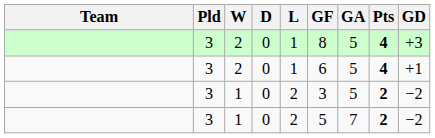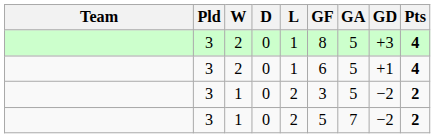 <table class="wikitable" style="text-align:center;">
 <tr>
 <th width=180>Team</th>
 <th width=20>Pld</th>
 <th width=20>W</th>
 <th width=20>D</th>
 <th width=20>L</th>
 <th width=20>GF</th>
 <th width=20>GA</th>
+<th width=20>GD</th>
 <th width=20>Pts</th>
-<th width=20>GD</th>
 </tr>
 <tr bgcolor="ccffcc">
 <td align="left"></td>
 <td>3</td>
 <td>2</td>
 <td>0</td>
 <td>1</td>
 <td>8</td>
 <td>5</td>
+<td>+3</td>
 <td><strong>4</strong></td>
-<td>+3</td>
 </tr>
 <tr>
 <td align="left"></td>
 <td>3</td>
 <td>2</td>
 <td>0</td>
 <td>1</td>
 <td>6</td>
 <td>5</td>
+<td>+1</td>
 <td><strong>4</strong></td>
-<td>+1</td>
 </tr>
 <tr>
 <td align="left"></td>
 <td>3</td>
 <td>1</td>
 <td>0</td>
 <td>2</td>
 <td>3</td>
 <td>5</td>
+<td>−2</td>
 <td><strong>2</strong></td>
-<td>−2</td>
 </tr>
 <tr>
 <td align="left"></td>
 <td>3</td>
 <td>1</td>
 <td>0</td>
 <td>2</td>
 <td>5</td>
 <td>7</td>
+<td>−2</td>
 <td><strong>2</strong></td>
-<td>−2</td>
 </tr>
 </table>
